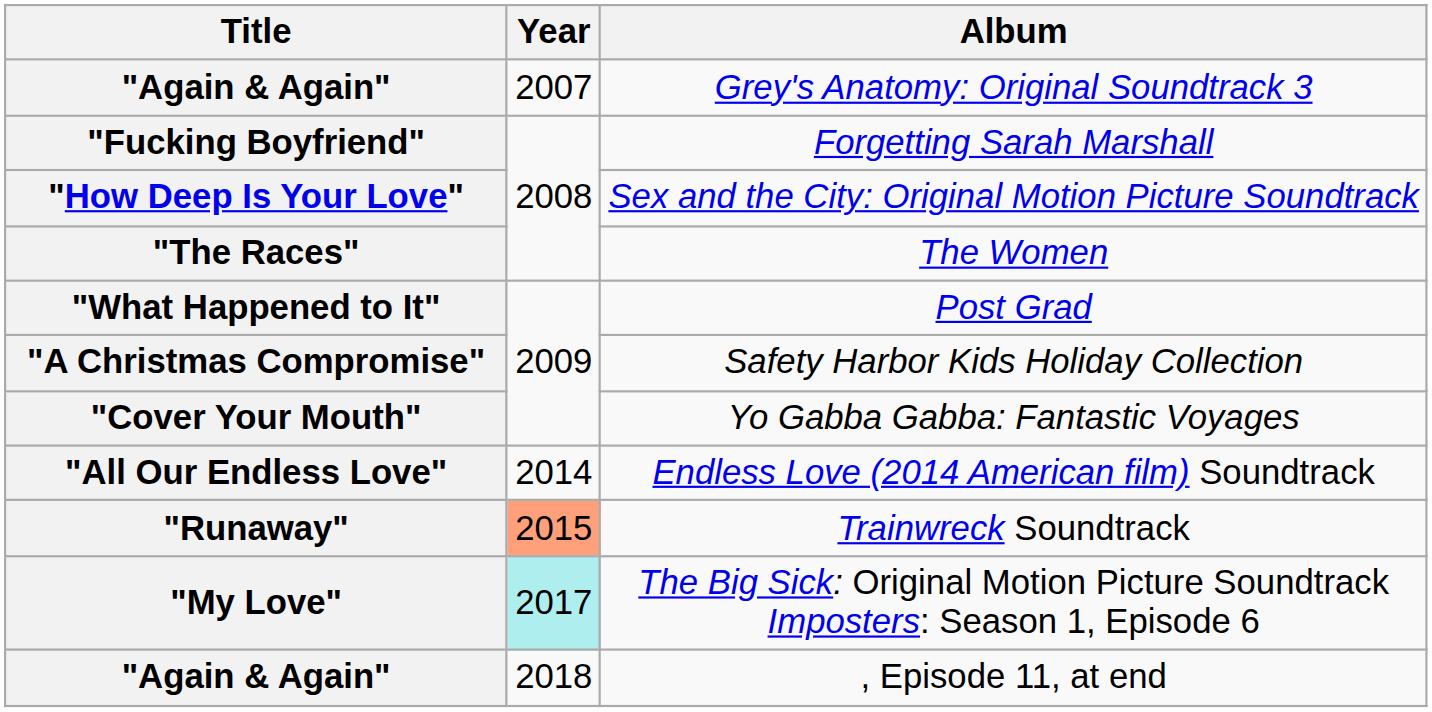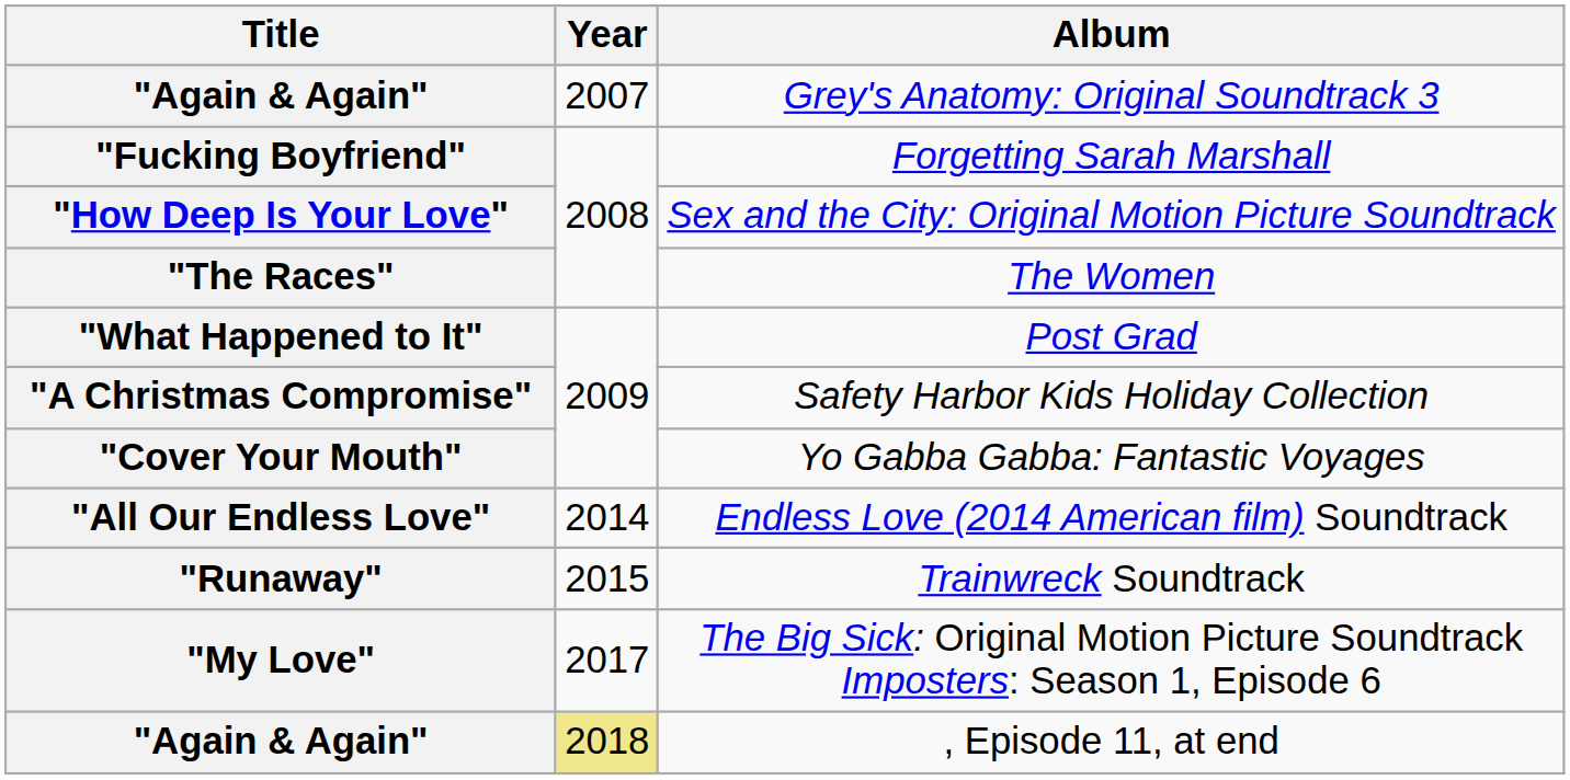 <table class="wikitable plainrowheaders" style="text-align:center;">
 <tr>
 <th scope="col" style="width:14em;">Title</th>
 <th scope="col">Year</th>
 <th scope="col">Album</th>
 </tr>
 <tr>
 <th scope="row">"Again & Again"</th>
 <td>2007</td>
 <td><em><a href='#'>Grey's Anatomy: Original Soundtrack 3</a></em></td>
 </tr>
 <tr>
 <th scope="row">"Fucking Boyfriend"</th>
 <td rowspan="3">2008</td>
 <td><em><a href='#'>Forgetting Sarah Marshall</a></em></td>
 </tr>
 <tr>
 <th scope="row">"<a href='#'>How Deep Is Your Love</a>"</th>
 <td><em><a href='#'>Sex and the City: Original Motion Picture Soundtrack</a></em></td>
 </tr>
 <tr>
 <th scope="row">"The Races"</th>
 <td><em><a href='#'>The Women</a></em></td>
 </tr>
 <tr>
 <th scope="row">"What Happened to It"</th>
 <td rowspan="3">2009</td>
 <td><em><a href='#'>Post Grad</a></em></td>
 </tr>
 <tr>
 <th scope="row">"A Christmas Compromise"</th>
 <td><em>Safety Harbor Kids Holiday Collection</em></td>
 </tr>
 <tr>
 <th scope="row">"Cover Your Mouth"</th>
 <td><em>Yo Gabba Gabba: Fantastic Voyages</em></td>
 </tr>
 <tr>
 <th scope="row">"All Our Endless Love"</th>
 <td>2014</td>
 <td><em><a href='#'>Endless Love (2014 American film)</a></em> Soundtrack</td>
 </tr>
 <tr>
 <th scope="row">"Runaway"</th>
-<td style="background: lightsalmon;">2015</td>
+<td>2015</td>
 <td><em><a href='#'>Trainwreck</a></em> Soundtrack</td>
 </tr>
 <tr>
 <th scope="row">"My Love"</th>
-<td style="background: paleturquoise;">2017</td>
+<td>2017</td>
 <td><em><a href='#'>The Big Sick</a>:</em> Original Motion Picture Soundtrack<br><a href='#'><em>Imposters</em></a>: Season 1, Episode 6</td>
 </tr>
 <tr>
 <th scope="row">"Again & Again"</th>
-<td>2018</td>
+<td style="background: khaki;">2018</td>
 <td>, Episode 11, at end</td>
 </tr>
 </table>
